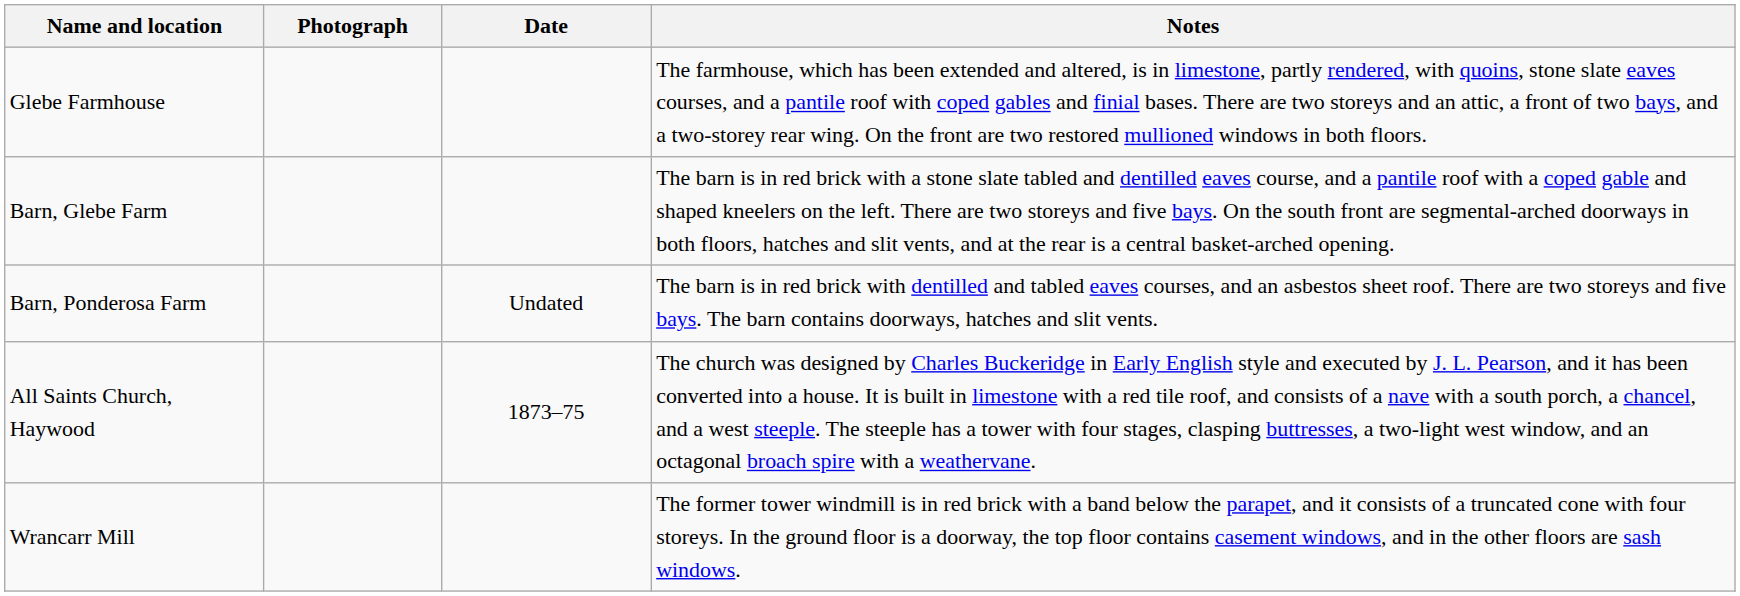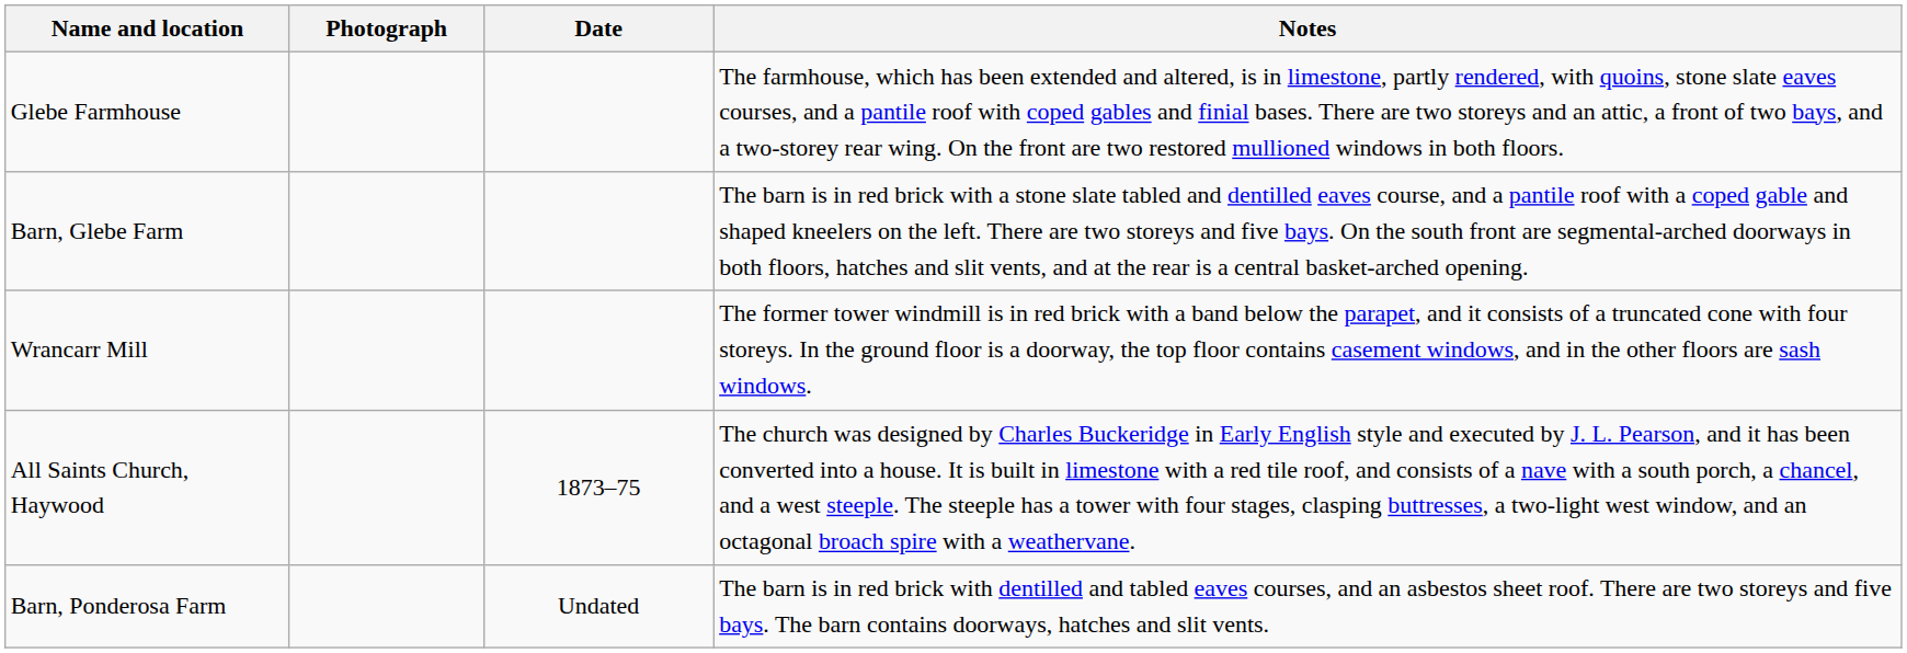 <table class="wikitable sortable plainrowheaders" style="width:100%;border:0px;text-align:left;line-height:150%;">
 <tr>
 <th scope="col"  style="width:150px">Name and location</th>
 <th scope="col"  style="width:100px" class="unsortable">Photograph</th>
 <th scope="col"  style="width:120px">Date</th>
 <th scope="col"  style="width:650px" class="unsortable">Notes</th>
 </tr>
 <tr>
 <td>Glebe Farmhouse<br><small></small></td>
 <td></td>
 <td align="center"></td>
 <td>The farmhouse, which has been extended and altered, is in <a href='#'>limestone</a>, partly <a href='#'>rendered</a>, with <a href='#'>quoins</a>, stone slate <a href='#'>eaves</a> courses, and a <a href='#'>pantile</a> roof with <a href='#'>coped</a> <a href='#'>gables</a> and <a href='#'>finial</a> bases.  There are two storeys and an attic, a front of two <a href='#'>bays</a>, and a two-storey rear wing.  On the front are two restored <a href='#'>mullioned</a> windows in both floors.</td>
 </tr>
 <tr>
 <td>Barn, Glebe Farm<br><small></small></td>
 <td></td>
 <td align="center"></td>
 <td>The barn is in red brick with a stone slate tabled and <a href='#'>dentilled</a> <a href='#'>eaves</a> course, and a <a href='#'>pantile</a> roof with a <a href='#'>coped</a> <a href='#'>gable</a> and shaped kneelers on the left.  There are two storeys and five <a href='#'>bays</a>.  On the south front are segmental-arched doorways in both floors, hatches and slit vents, and at the rear is a central basket-arched opening.</td>
 </tr>
 <tr>
-<td>Barn, Ponderosa Farm<br><small></small></td>
+<td>Wrancarr Mill<br><small></small></td>
 <td></td>
-<td align="center">Undated</td>
-<td>The barn is in red brick with <a href='#'>dentilled</a> and tabled <a href='#'>eaves</a> courses, and an asbestos sheet roof.  There are two storeys and five <a href='#'>bays</a>.  The barn contains doorways, hatches and slit vents.</td>
+<td align="center"></td>
+<td>The former tower windmill is in red brick with a band below the <a href='#'>parapet</a>, and it consists of a truncated cone with four storeys.  In the ground floor is a doorway, the top floor contains <a href='#'>casement windows</a>, and in the other floors are <a href='#'>sash windows</a>.</td>
 </tr>
 <tr>
 <td>All Saints Church, Haywood<br><small></small></td>
 <td></td>
 <td align="center">1873–75</td>
 <td>The church was designed by <a href='#'>Charles Buckeridge</a> in <a href='#'>Early English</a> style and executed by <a href='#'>J. L. Pearson</a>, and it has been converted into a house.  It is built in <a href='#'>limestone</a> with a red tile roof, and consists of a <a href='#'>nave</a> with a south porch, a <a href='#'>chancel</a>, and a west <a href='#'>steeple</a>.  The steeple has a tower with four stages, clasping <a href='#'>buttresses</a>, a two-light west window, and an octagonal <a href='#'>broach spire</a> with a <a href='#'>weathervane</a>.</td>
 </tr>
 <tr>
-<td>Wrancarr Mill<br><small></small></td>
+<td>Barn, Ponderosa Farm<br><small></small></td>
 <td></td>
-<td align="center"></td>
-<td>The former tower windmill is in red brick with a band below the <a href='#'>parapet</a>, and it consists of a truncated cone with four storeys.  In the ground floor is a doorway, the top floor contains <a href='#'>casement windows</a>, and in the other floors are <a href='#'>sash windows</a>.</td>
+<td align="center">Undated</td>
+<td>The barn is in red brick with <a href='#'>dentilled</a> and tabled <a href='#'>eaves</a> courses, and an asbestos sheet roof.  There are two storeys and five <a href='#'>bays</a>.  The barn contains doorways, hatches and slit vents.</td>
 </tr>
 <tr>
 </tr>
 </table>
